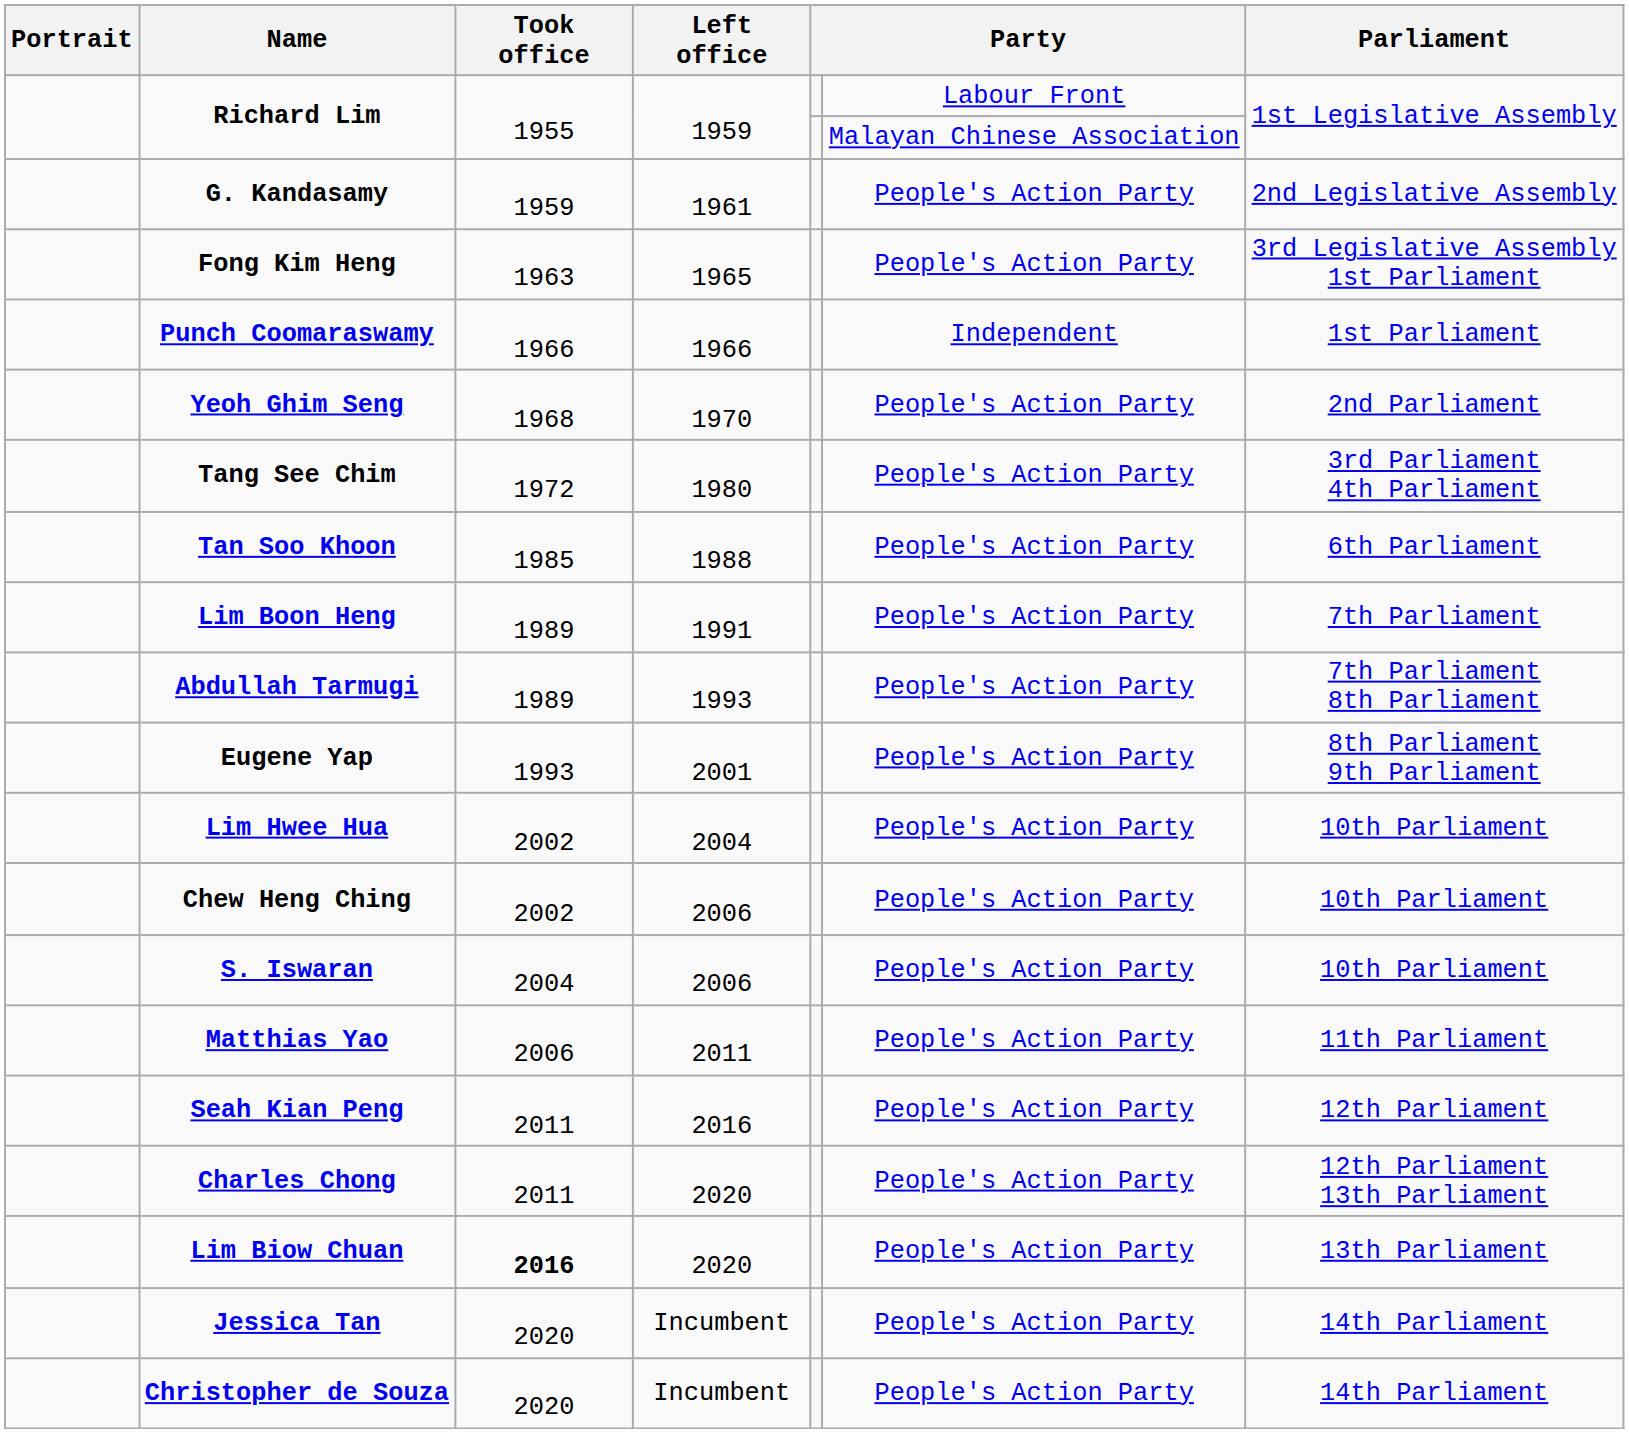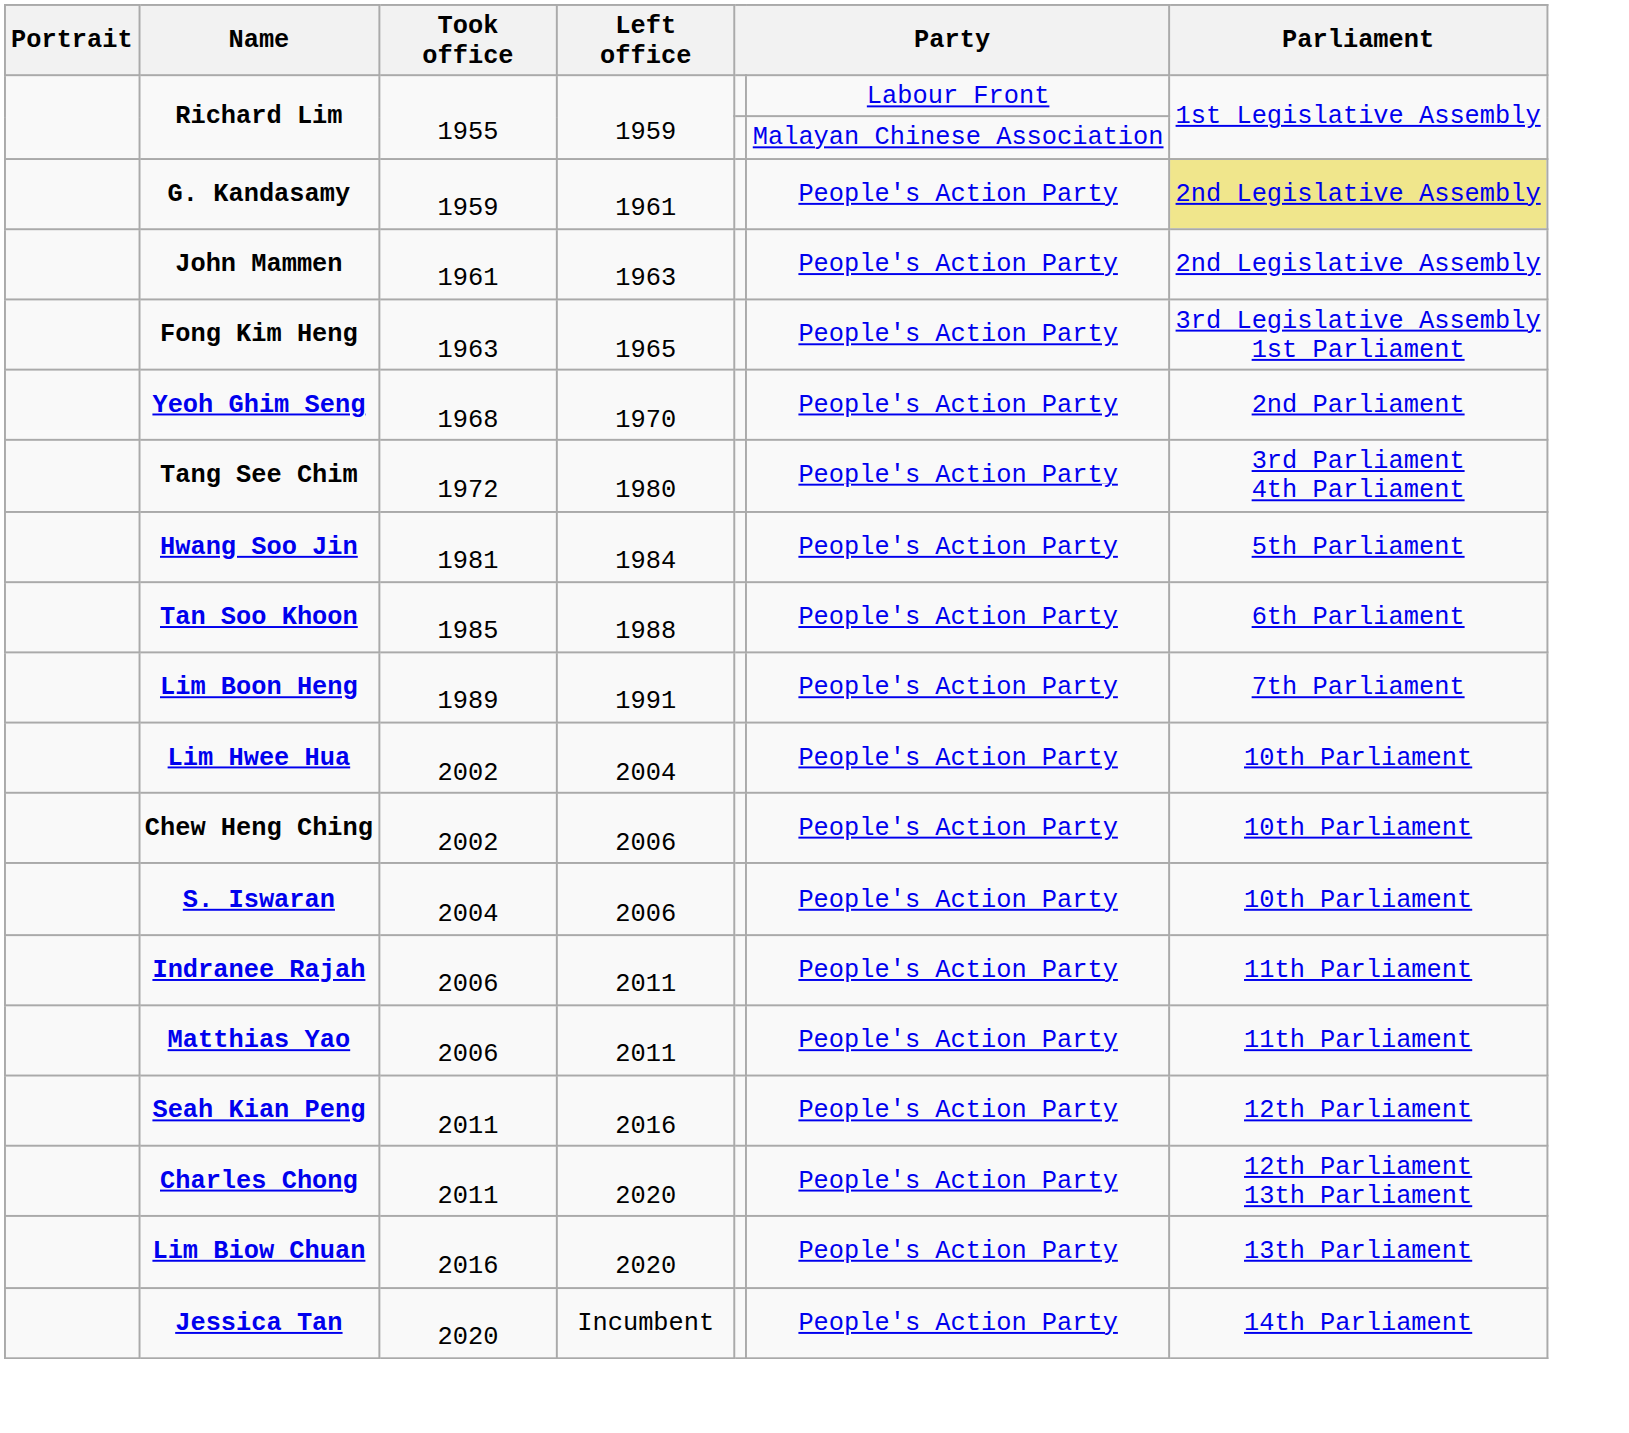 <table class="wikitable" style="text-align:center; border:1px #aaf solid;">
 <tr>
 <th>Portrait</th>
 <th>Name<br></th>
 <th width="85">Took office</th>
 <th width="85">Left office</th>
 <th colspan="2">Party</th>
 <th>Parliament</th>
 </tr>
 <tr>
 <td rowspan="2"></td>
 <td rowspan="2"><strong>Richard Lim</strong><br></td>
 <td rowspan="2"><br>1955</td>
 <td rowspan="2"><br>1959</td>
 <td style="background:"></td>
 <td><a href='#'>Labour Front</a></td>
 <td rowspan="2"><a href='#'>1st Legislative Assembly</a></td>
 </tr>
 <tr>
 <td style="background:"></td>
 <td><a href='#'>Malayan Chinese Association</a></td>
 </tr>
 <tr>
 <td></td>
 <td><strong>G. Kandasamy</strong><br></td>
 <td><br>1959</td>
 <td><br>1961</td>
 <td style="background:"></td>
 <td><a href='#'>People's Action Party</a></td>
+<td style="background: khaki;"><a href='#'>2nd Legislative Assembly</a></td>
+</tr>
+<tr>
+<td></td>
+<td><strong>John Mammen</strong><br></td>
+<td><br>1961</td>
+<td><br>1963</td>
+<td style="background:"></td>
+<td><a href='#'>People's Action Party</a></td>
 <td><a href='#'>2nd Legislative Assembly</a></td>
 </tr>
 <tr>
 <td></td>
 <td><strong>Fong Kim Heng</strong><br></td>
 <td><br>1963</td>
 <td><br>1965</td>
 <td style="background:"></td>
 <td><a href='#'>People's Action Party</a></td>
 <td><a href='#'>3rd Legislative Assembly</a><br><a href='#'>1st Parliament</a></td>
-</tr>
-<tr>
-<td></td>
-<td><strong><a href='#'>Punch Coomaraswamy</a></strong><br></td>
-<td><br>1966</td>
-<td><br>1966</td>
-<td style="background:"></td>
-<td><a href='#'>Independent</a></td>
-<td><a href='#'>1st Parliament</a></td>
 </tr>
 <tr>
 <td></td>
 <td><strong><a href='#'>Yeoh Ghim Seng</a></strong><br></td>
 <td><br>1968</td>
 <td><br>1970</td>
 <td style="background:"></td>
 <td><a href='#'>People's Action Party</a></td>
 <td><a href='#'>2nd Parliament</a></td>
 </tr>
 <tr>
 <td></td>
 <td><strong>Tang See Chim</strong><br></td>
 <td><br>1972</td>
 <td><br>1980</td>
 <td style="background:"></td>
 <td><a href='#'>People's Action Party</a></td>
 <td><a href='#'>3rd Parliament</a><br><a href='#'>4th Parliament</a></td>
 </tr>
 <tr>
 <td></td>
+<td><strong><a href='#'>Hwang Soo Jin</a></strong><br></td>
+<td><br>1981</td>
+<td><br>1984</td>
+<td style="background:"></td>
+<td><a href='#'>People's Action Party</a></td>
+<td><a href='#'>5th Parliament</a></td>
+</tr>
+<tr>
+<td></td>
 <td><strong><a href='#'>Tan Soo Khoon</a></strong><br></td>
 <td><br>1985</td>
 <td><br>1988</td>
 <td style="background:"></td>
 <td><a href='#'>People's Action Party</a></td>
 <td><a href='#'>6th Parliament</a></td>
 </tr>
 <tr>
 <td></td>
 <td><strong><a href='#'>Lim Boon Heng</a></strong><br></td>
 <td><br>1989</td>
 <td><br>1991</td>
 <td style="background:"></td>
 <td><a href='#'>People's Action Party</a></td>
 <td><a href='#'>7th Parliament</a></td>
-</tr>
-<tr>
-<td></td>
-<td><strong><a href='#'>Abdullah Tarmugi</a></strong><br></td>
-<td><br>1989</td>
-<td><br>1993</td>
-<td style="background:"></td>
-<td><a href='#'>People's Action Party</a></td>
-<td><a href='#'>7th Parliament</a><br><a href='#'>8th Parliament</a></td>
-</tr>
-<tr>
-<td></td>
-<td><strong>Eugene Yap</strong><br></td>
-<td><br>1993</td>
-<td><br>2001</td>
-<td style="background:"></td>
-<td><a href='#'>People's Action Party</a></td>
-<td><a href='#'>8th Parliament</a><br><a href='#'>9th Parliament</a></td>
 </tr>
 <tr>
 <td></td>
 <td><strong><a href='#'>Lim Hwee Hua</a></strong><br></td>
 <td><br>2002</td>
 <td><br>2004</td>
 <td style="background:"></td>
 <td><a href='#'>People's Action Party</a></td>
 <td><a href='#'>10th Parliament</a></td>
 </tr>
 <tr>
 <td></td>
 <td><strong>Chew Heng Ching</strong><br></td>
 <td><br>2002</td>
 <td><br>2006</td>
 <td style="background:"></td>
 <td><a href='#'>People's Action Party</a></td>
 <td><a href='#'>10th Parliament</a></td>
 </tr>
 <tr>
 <td></td>
 <td><strong><a href='#'>S. Iswaran</a></strong><br></td>
 <td><br>2004</td>
 <td><br>2006</td>
 <td style="background:"></td>
 <td><a href='#'>People's Action Party</a></td>
 <td><a href='#'>10th Parliament</a></td>
+</tr>
+<tr>
+<td></td>
+<td><strong><a href='#'>Indranee Rajah</a></strong><br></td>
+<td><br>2006</td>
+<td><br>2011</td>
+<td style="background:"></td>
+<td><a href='#'>People's Action Party</a></td>
+<td><a href='#'>11th Parliament</a></td>
 </tr>
 <tr>
 <td></td>
 <td><strong><a href='#'>Matthias Yao</a></strong><br></td>
 <td><br>2006</td>
 <td><br>2011</td>
 <td style="background:"></td>
 <td><a href='#'>People's Action Party</a></td>
 <td><a href='#'>11th Parliament</a></td>
 </tr>
 <tr>
 <td></td>
 <td><strong><a href='#'>Seah Kian Peng</a></strong><br></td>
 <td><br>2011</td>
 <td><br>2016</td>
 <td style="background:"></td>
 <td><a href='#'>People's Action Party</a></td>
 <td><a href='#'>12th Parliament</a></td>
 </tr>
 <tr>
 <td></td>
 <td><strong><a href='#'>Charles Chong</a></strong><br></td>
 <td><br>2011</td>
 <td><br>2020</td>
 <td style="background:"></td>
 <td><a href='#'>People's Action Party</a></td>
 <td><a href='#'>12th Parliament</a><br><a href='#'>13th Parliament</a></td>
 </tr>
 <tr>
 <td></td>
 <td><strong><a href='#'>Lim Biow Chuan</a></strong><br></td>
-<td><strong><br>2016</strong></td>
+<td><br>2016</td>
 <td><br>2020</td>
 <td style="background:"></td>
 <td><a href='#'>People's Action Party</a></td>
 <td><a href='#'>13th Parliament</a></td>
 </tr>
 <tr>
 <td></td>
 <td><strong><a href='#'>Jessica Tan</a></strong><br></td>
 <td><br>2020</td>
 <td>Incumbent</td>
 <td style="background:"></td>
 <td><a href='#'>People's Action Party</a></td>
 <td><a href='#'>14th Parliament</a></td>
 </tr>
-<tr>
-<td></td>
-<td><strong><a href='#'>Christopher de Souza</a></strong><br></td>
-<td><br>2020</td>
-<td>Incumbent</td>
-<td style="background:"></td>
-<td><a href='#'>People's Action Party</a></td>
-<td><a href='#'>14th Parliament</a></td>
-</tr>
 </table>
